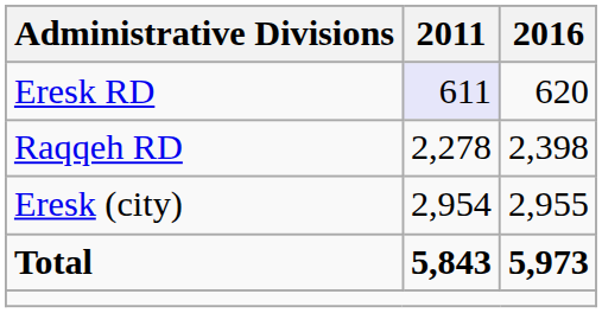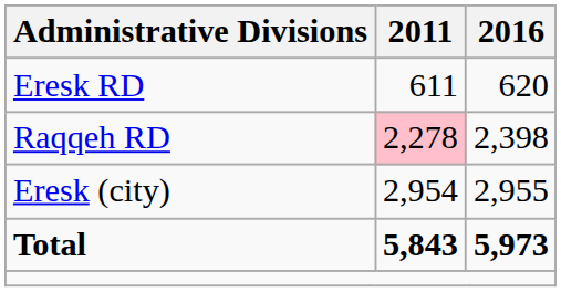 <table class="wikitable">
 <tr>
 <th>Administrative Divisions</th>
 <th>2011</th>
 <th>2016</th>
 </tr>
 <tr>
 <td><a href='#'>Eresk RD</a></td>
-<td style="background: lavender; text-align: right;">611</td>
+<td style="text-align: right;">611</td>
 <td style="text-align: right;">620</td>
 </tr>
 <tr>
 <td><a href='#'>Raqqeh RD</a></td>
-<td style="text-align: right;">2,278</td>
+<td style="background: pink; text-align: right;">2,278</td>
 <td style="text-align: right;">2,398</td>
 </tr>
 <tr>
 <td><a href='#'>Eresk</a> (city)</td>
 <td style="text-align: right;">2,954</td>
 <td style="text-align: right;">2,955</td>
 </tr>
 <tr>
 <td><strong>Total</strong></td>
 <td style="text-align: right;"><strong>5,843</strong></td>
 <td style="text-align: right;"><strong>5,973</strong></td>
 </tr>
 <tr>
 <td colspan=3></td>
 </tr>
 </table>
